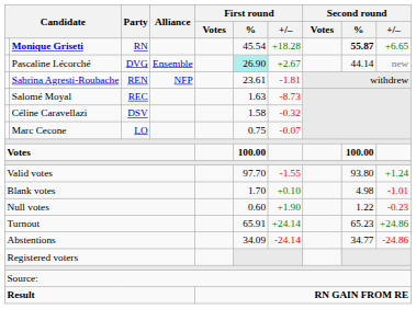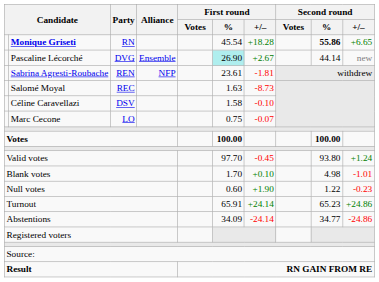 <table class="wikitable" style="text-align:right;font-size:95%;">
 <tr>
 <th rowspan="2" colspan="2">Candidate</th>
 <th colspan="1" rowspan="2">Party</th>
 <th colspan="1" rowspan="2">Alliance</th>
 <th colspan="3">First round</th>
 <th colspan="3">Second round</th>
 </tr>
 <tr>
 <th style="width:50px;">Votes</th>
 <th style="width:45px;">%</th>
 <th style="width:45px;">+/–</th>
 <th style="width:50px;">Votes</th>
 <th style="width:45px;">%</th>
 <th style="width:45px;">+/–</th>
 </tr>
 <tr>
 <td style="color:inherit;background:"></td>
 <td style="text-align:left;"><strong><a href='#'>Monique Griseti</a></strong></td>
 <td><a href='#'>RN</a></td>
 <td></td>
 <td></td>
 <td>45.54</td>
 <td style="color:green;">+18.28</td>
 <td><strong></strong></td>
-<td><strong>55.87</strong></td>
+<td><strong>55.86</strong></td>
 <td style="color:green;">+6.65</td>
 </tr>
 <tr>
 <td style="color:inherit;background:"></td>
 <td style="text-align:left;">Pascaline Lécorché</td>
 <td><a href='#'>DVG</a></td>
 <td><a href='#'>Ensemble</a></td>
 <td></td>
 <td style="background: paleturquoise;">26.90</td>
 <td style="color:green;">+2.67</td>
 <td></td>
 <td>44.14</td>
 <td style="color:grey;">new</td>
 </tr>
 <tr>
 <td style="color:inherit;background:"></td>
 <td style="text-align:left;"><a href='#'>Sabrina Agresti-Roubache</a></td>
 <td><a href='#'>REN</a></td>
 <td><a href='#'>NFP</a></td>
 <td></td>
 <td>23.61</td>
 <td style="color:red;">-1.81</td>
 <td colspan="3" style="background:#E9E9E9;">withdrew</td>
 </tr>
 <tr>
 <td style="color:inherit;background:"></td>
 <td style="text-align:left;">Salomé Moyal</td>
 <td><a href='#'>REC</a></td>
 <td></td>
 <td></td>
 <td>1.63</td>
 <td style="color:red;">-8.73</td>
 <td colspan="3" rowspan="3" style="background:#E9E9E9;"></td>
 </tr>
 <tr>
 <td style="color:inherit;background:"></td>
 <td style="text-align:left;">Céline Caravellazi</td>
 <td><a href='#'>DSV</a></td>
 <td></td>
 <td></td>
 <td>1.58</td>
-<td style="color:red;">-0.32</td>
+<td style="color:red;">-0.10</td>
 </tr>
 <tr>
 <td style="color:inherit;background:"></td>
 <td style="text-align:left;">Marc Cecone</td>
 <td><a href='#'>LO</a></td>
 <td></td>
 <td></td>
 <td>0.75</td>
 <td style="color:red;">-0.07</td>
 </tr>
 <tr>
 <td colspan="10" style="background:#E9E9E9;"></td>
 </tr>
 <tr style="font-weight:bold;">
 <td colspan="4" style="text-align:left;">Votes</td>
 <td></td>
 <td>100.00</td>
 <td></td>
 <td></td>
 <td>100.00</td>
 <td></td>
 </tr>
 <tr>
 <td colspan="10" style="background:#E9E9E9;"></td>
 </tr>
 <tr>
 <td colspan="4" style="text-align:left;">Valid votes</td>
 <td></td>
 <td>97.70</td>
-<td style="color:red;">-1.55</td>
+<td style="color:red;">-0.45</td>
 <td></td>
 <td>93.80</td>
 <td style="color:green;">+1.24</td>
 </tr>
 <tr>
 <td colspan="4" style="text-align:left;">Blank votes</td>
 <td></td>
 <td>1.70</td>
 <td style="color:green;">+0.10</td>
 <td></td>
 <td>4.98</td>
 <td style="color:red;">-1.01</td>
 </tr>
 <tr>
 <td colspan="4" style="text-align:left;">Null votes</td>
 <td></td>
 <td>0.60</td>
 <td style="color:green;">+1.90</td>
 <td></td>
 <td>1.22</td>
 <td style="color:red;">-0.23</td>
 </tr>
 <tr>
 <td colspan="4" style="text-align:left;">Turnout</td>
 <td></td>
 <td>65.91</td>
 <td style="color:green;">+24.14</td>
 <td></td>
 <td>65.23</td>
 <td style="color:green;">+24.86</td>
 </tr>
 <tr>
 <td colspan="4" style="text-align:left;">Abstentions</td>
 <td></td>
 <td>34.09</td>
 <td style="color:red;">-24.14</td>
 <td></td>
 <td>34.77</td>
 <td style="color:red;">-24.86</td>
 </tr>
 <tr>
 <td colspan="4" style="text-align:left;">Registered voters</td>
 <td></td>
 <td colspan="2" style="background:#E9E9E9;"></td>
 <td></td>
 <td colspan="2" style="background:#E9E9E9;"></td>
 </tr>
 <tr>
 <td colspan="10" style="background:#E9E9E9;"></td>
 </tr>
 <tr>
 <td colspan="10" style="text-align:left;">Source: </td>
 </tr>
 <tr style="font-weight:bold">
 <td colspan="4" style="text-align:left;">Result</td>
 <td colspan="6" style="background-color:">RN GAIN FROM RE</td>
 </tr>
 </table>
